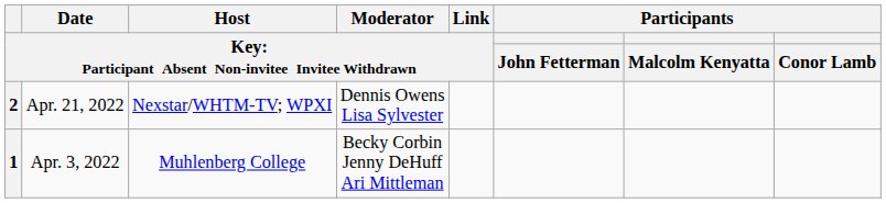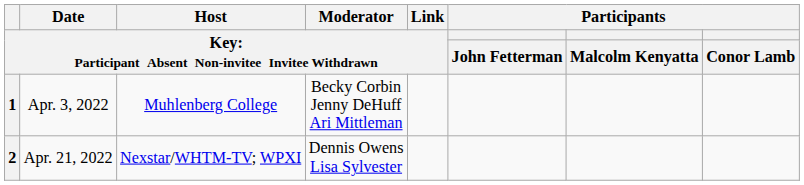 <table class="wikitable" style="text-align:center;">
 <tr>
 <th scope="col"></th>
 <th scope="col">Date</th>
 <th scope="col">Host</th>
 <th scope="col">Moderator</th>
 <th scope="col">Link</th>
 <th colspan="3" scope="col">Participants</th>
 </tr>
 <tr>
 <th colspan="5" rowspan="2">Key:<br> <small>Participant </small>  <small>Absent </small>  <small>Non-invitee </small>  <small>Invitee  Withdrawn</small></th>
 <th scope="col" style="background:"></th>
 <th scope="col" style="background:"></th>
 <th scope="col" style="background:"></th>
 </tr>
 <tr>
 <th scope="col">John Fetterman</th>
 <th scope="col">Malcolm Kenyatta</th>
 <th scope="col">Conor Lamb</th>
 </tr>
 <tr>
+<th scope="row">1</th>
+<td style="white-space:nowrap;">Apr. 3, 2022</td>
+<td style="white-space:nowrap;"><a href='#'>Muhlenberg College</a></td>
+<td style="white-space:nowrap;">Becky Corbin<br>Jenny DeHuff<br><a href='#'>Ari Mittleman</a></td>
+<td style="white-space:nowrap;"></td>
+<td></td>
+<td></td>
+<td></td>
+</tr>
+<tr>
 <th scope="row">2</th>
 <td style="white-space:nowrap;">Apr. 21, 2022</td>
 <td style="white-space:nowrap;"><a href='#'>Nexstar</a>/<a href='#'>WHTM-TV</a>; <a href='#'>WPXI</a></td>
 <td style="white-space:nowrap;">Dennis Owens<br><a href='#'>Lisa Sylvester</a></td>
 <td style="white-space:nowrap;"></td>
 <td></td>
 <td></td>
 <td></td>
 </tr>
-<tr>
-<th scope="row">1</th>
-<td style="white-space:nowrap;">Apr. 3, 2022</td>
-<td style="white-space:nowrap;"><a href='#'>Muhlenberg College</a></td>
-<td style="white-space:nowrap;">Becky Corbin<br>Jenny DeHuff<br><a href='#'>Ari Mittleman</a></td>
-<td style="white-space:nowrap;"></td>
-<td></td>
-<td></td>
-<td></td>
-</tr>
 </table>
